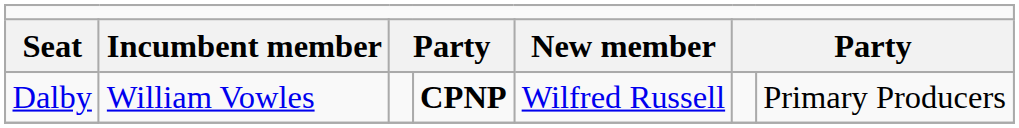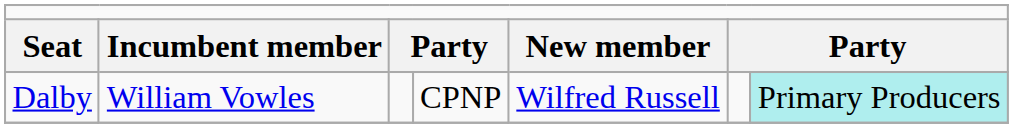 <table class="wikitable">
 <tr>
 <td colspan=7></td>
 </tr>
 <tr>
 <th>Seat</th>
 <th>Incumbent member</th>
 <th colspan=2>Party</th>
 <th>New member</th>
 <th colspan=2>Party</th>
 </tr>
 <tr>
 <td><a href='#'>Dalby</a></td>
 <td><a href='#'>William Vowles</a></td>
 <td> </td>
-<td><strong>CPNP</strong></td>
+<td>CPNP</td>
 <td><a href='#'>Wilfred Russell</a></td>
 <td> </td>
-<td>Primary Producers</td>
+<td style="background: paleturquoise;">Primary Producers</td>
 </tr>
 <tr>
 </tr>
 </table>
